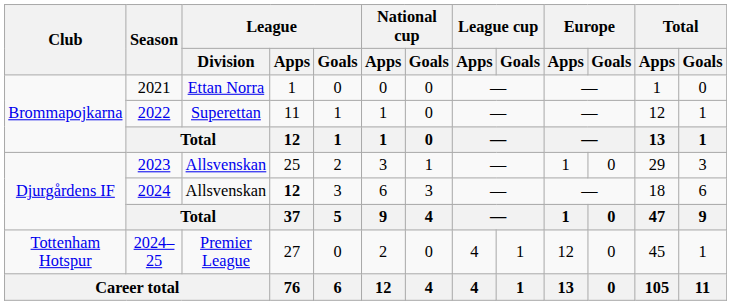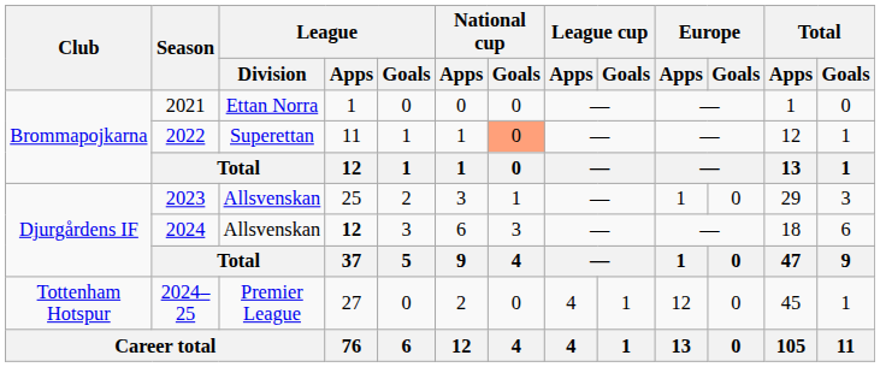 <table class="wikitable" style="text-align: center">
 <tr>
 <th rowspan="2">Club</th>
 <th rowspan="2">Season</th>
 <th colspan="3">League</th>
 <th colspan="2">National cup</th>
 <th colspan="2">League cup</th>
 <th colspan="2">Europe</th>
 <th colspan="2">Total</th>
 </tr>
 <tr>
 <th>Division</th>
 <th>Apps</th>
 <th>Goals</th>
 <th>Apps</th>
 <th>Goals</th>
 <th>Apps</th>
 <th>Goals</th>
 <th>Apps</th>
 <th>Goals</th>
 <th>Apps</th>
 <th>Goals</th>
 </tr>
 <tr>
 <td rowspan="3"><a href='#'>Brommapojkarna</a></td>
 <td>2021</td>
 <td><a href='#'>Ettan Norra</a></td>
 <td>1</td>
 <td>0</td>
 <td>0</td>
 <td>0</td>
 <td colspan="2">—</td>
 <td colspan="2">—</td>
 <td>1</td>
 <td>0</td>
 </tr>
 <tr>
 <td><a href='#'>2022</a></td>
 <td><a href='#'>Superettan</a></td>
 <td>11</td>
 <td>1</td>
 <td>1</td>
-<td>0</td>
+<td style="background: lightsalmon;">0</td>
 <td colspan="2">—</td>
 <td colspan="2">—</td>
 <td>12</td>
 <td>1</td>
 </tr>
 <tr>
 <th colspan="2">Total</th>
 <th>12</th>
 <th>1</th>
 <th>1</th>
 <th>0</th>
 <th colspan="2">—</th>
 <th colspan="2">—</th>
 <th>13</th>
 <th>1</th>
 </tr>
 <tr>
 <td rowspan="3"><a href='#'>Djurgårdens IF</a></td>
 <td><a href='#'>2023</a></td>
 <td><a href='#'>Allsvenskan</a></td>
 <td>25</td>
 <td>2</td>
 <td>3</td>
 <td>1</td>
 <td colspan="2">—</td>
 <td>1</td>
 <td>0</td>
 <td>29</td>
 <td>3</td>
 </tr>
 <tr>
 <td><a href='#'>2024</a></td>
 <td>Allsvenskan</td>
 <td><strong>12</strong></td>
 <td>3</td>
 <td>6</td>
 <td>3</td>
 <td colspan="2">—</td>
 <td colspan="2">—</td>
 <td>18</td>
 <td>6</td>
 </tr>
 <tr>
 <th colspan="2">Total</th>
 <th>37</th>
 <th>5</th>
 <th>9</th>
 <th>4</th>
 <th colspan="2">—</th>
 <th>1</th>
 <th>0</th>
 <th>47</th>
 <th>9</th>
 </tr>
 <tr>
 <td><a href='#'>Tottenham Hotspur</a></td>
 <td><a href='#'>2024–25</a></td>
 <td><a href='#'>Premier League</a></td>
 <td>27</td>
 <td>0</td>
 <td>2</td>
 <td>0</td>
 <td>4</td>
 <td>1</td>
 <td>12</td>
 <td>0</td>
 <td>45</td>
 <td>1</td>
 </tr>
 <tr>
 <th colspan="3">Career total</th>
 <th>76</th>
 <th>6</th>
 <th>12</th>
 <th>4</th>
 <th>4</th>
 <th>1</th>
 <th>13</th>
 <th>0</th>
 <th>105</th>
 <th>11</th>
 </tr>
 </table>
